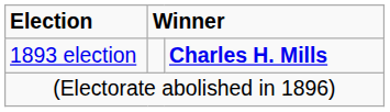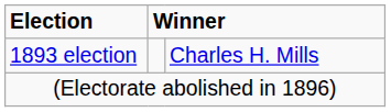 <table class="wikitable">
 <tr>
 <td width=100><strong>Election</strong></td>
 <td width=170 colspan=2><strong>Winner</strong></td>
 </tr>
 <tr>
 <td><a href='#'>1893 election</a></td>
 <td width=5 rowspan=1 bgcolor=></td>
-<td rowspan=1><strong><a href='#'>Charles H. Mills</a></strong></td>
+<td rowspan=1><a href='#'>Charles H. Mills</a></td>
 </tr>
 <tr>
 <td colspan=3 align=center><span>(Electorate abolished in 1896)</span></td>
 </tr>
 </table>
